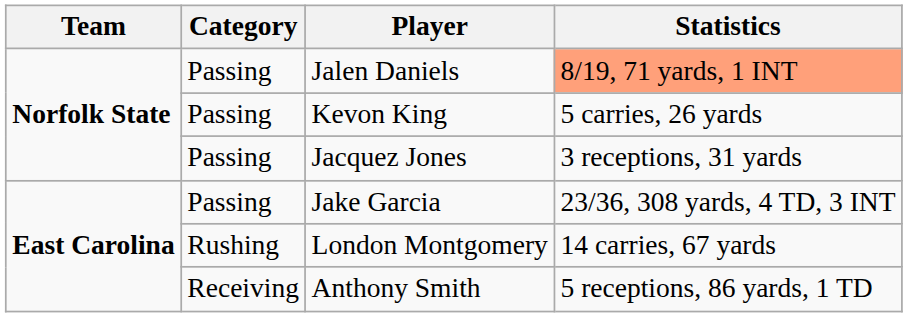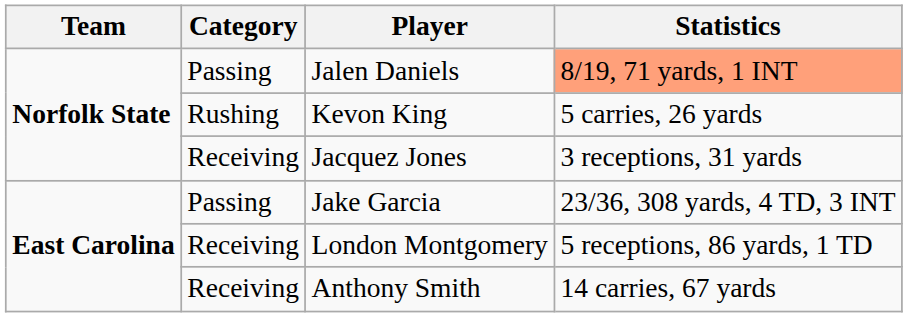 <table class="wikitable" style="float: right;">
 <tr>
 <th>Team</th>
 <th>Category</th>
 <th>Player</th>
 <th>Statistics</th>
 </tr>
 <tr>
 <td rowspan=3><strong>Norfolk State</strong></td>
 <td>Passing</td>
 <td>Jalen Daniels</td>
 <td style="background: lightsalmon;">8/19, 71 yards, 1 INT</td>
 </tr>
 <tr>
-<td>Passing</td>
+<td>Rushing</td>
 <td>Kevon King</td>
 <td>5 carries, 26 yards</td>
 </tr>
 <tr>
-<td>Passing</td>
+<td>Receiving</td>
 <td>Jacquez Jones</td>
 <td>3 receptions, 31 yards</td>
 </tr>
 <tr>
 <td rowspan=3><strong>East Carolina</strong></td>
 <td>Passing</td>
 <td>Jake Garcia</td>
 <td>23/36, 308 yards, 4 TD, 3 INT</td>
 </tr>
 <tr>
-<td>Rushing</td>
+<td>Receiving</td>
 <td>London Montgomery</td>
-<td>14 carries, 67 yards</td>
+<td>5 receptions, 86 yards, 1 TD</td>
 </tr>
 <tr>
 <td>Receiving</td>
 <td>Anthony Smith</td>
-<td>5 receptions, 86 yards, 1 TD</td>
+<td>14 carries, 67 yards</td>
 </tr>
 </table>
